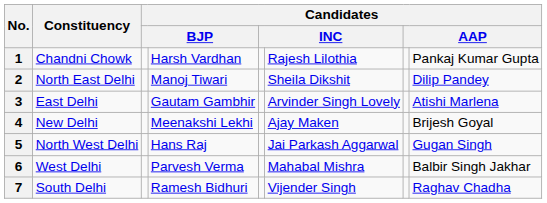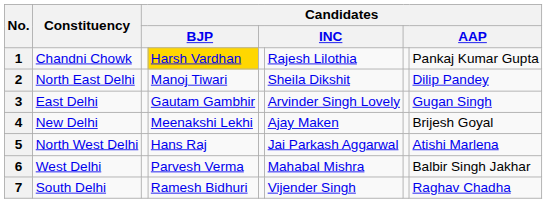 <table class="wikitable sortable">
 <tr>
 <th rowspan="2">No.</th>
 <th rowspan="2">Constituency</th>
 <th colspan="6">Candidates</th>
 </tr>
 <tr>
 <th colspan="2"><a href='#'>BJP</a></th>
 <th colspan="2"><a href='#'>INC</a></th>
 <th colspan="2"><a href='#'>AAP</a></th>
 </tr>
 <tr>
 <th>1</th>
 <td><a href='#'>Chandni Chowk</a></td>
 <td style="background:"></td>
-<td><a href='#'>Harsh Vardhan</a></td>
+<td style="background: gold;"><a href='#'>Harsh Vardhan</a></td>
 <td style="background:"></td>
 <td><a href='#'>Rajesh Lilothia</a></td>
 <td style="background:"></td>
 <td>Pankaj Kumar Gupta</td>
 </tr>
 <tr>
 <th>2</th>
 <td><a href='#'>North East Delhi</a></td>
 <td style="background:"></td>
 <td><a href='#'>Manoj Tiwari</a></td>
 <td style="background:"></td>
 <td><a href='#'>Sheila Dikshit</a></td>
 <td style="background:"></td>
 <td><a href='#'>Dilip Pandey</a></td>
 </tr>
 <tr>
 <th>3</th>
 <td><a href='#'>East Delhi</a></td>
 <td style="background:"></td>
 <td><a href='#'>Gautam Gambhir</a></td>
 <td style="background:"></td>
 <td><a href='#'>Arvinder Singh Lovely</a></td>
 <td style="background:"></td>
-<td><a href='#'>Atishi Marlena</a></td>
+<td><a href='#'>Gugan Singh</a></td>
 </tr>
 <tr>
 <th>4</th>
 <td><a href='#'>New Delhi</a></td>
 <td style="background:"></td>
 <td><a href='#'>Meenakshi Lekhi</a></td>
 <td style="background:"></td>
 <td><a href='#'>Ajay Maken</a></td>
 <td style="background:"></td>
 <td>Brijesh Goyal</td>
 </tr>
 <tr>
 <th>5</th>
 <td><a href='#'>North West Delhi</a></td>
 <td style="background:"></td>
 <td><a href='#'>Hans Raj</a></td>
 <td style="background:"></td>
 <td><a href='#'>Jai Parkash Aggarwal</a></td>
 <td style="background:"></td>
-<td><a href='#'>Gugan Singh</a></td>
+<td><a href='#'>Atishi Marlena</a></td>
 </tr>
 <tr>
 <th>6</th>
 <td><a href='#'>West Delhi</a></td>
 <td style="background:"></td>
 <td><a href='#'>Parvesh Verma</a></td>
 <td style="background:"></td>
 <td><a href='#'>Mahabal Mishra</a></td>
 <td style="background:"></td>
 <td>Balbir Singh Jakhar</td>
 </tr>
 <tr>
 <th>7</th>
 <td><a href='#'>South Delhi</a></td>
 <td style="background:"></td>
 <td><a href='#'>Ramesh Bidhuri</a></td>
 <td style="background:"></td>
 <td><a href='#'>Vijender Singh</a></td>
 <td style="background:"></td>
 <td><a href='#'>Raghav Chadha</a></td>
 </tr>
 </table>
